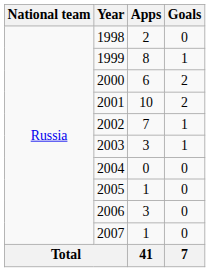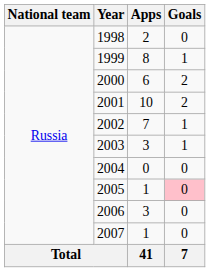 <table class="wikitable" style="text-align:center">
 <tr>
 <th>National team</th>
 <th>Year</th>
 <th>Apps</th>
 <th>Goals</th>
 </tr>
 <tr>
 <td rowspan="10"><a href='#'>Russia</a></td>
 <td>1998</td>
 <td>2</td>
 <td>0</td>
 </tr>
 <tr>
 <td>1999</td>
 <td>8</td>
 <td>1</td>
 </tr>
 <tr>
 <td>2000</td>
 <td>6</td>
 <td>2</td>
 </tr>
 <tr>
 <td>2001</td>
 <td>10</td>
 <td>2</td>
 </tr>
 <tr>
 <td>2002</td>
 <td>7</td>
 <td>1</td>
 </tr>
 <tr>
 <td>2003</td>
 <td>3</td>
 <td>1</td>
 </tr>
 <tr>
 <td>2004</td>
 <td>0</td>
 <td>0</td>
 </tr>
 <tr>
 <td>2005</td>
 <td>1</td>
-<td>0</td>
+<td style="background: pink;">0</td>
 </tr>
 <tr>
 <td>2006</td>
 <td>3</td>
 <td>0</td>
 </tr>
 <tr>
 <td>2007</td>
 <td>1</td>
 <td>0</td>
 </tr>
 <tr>
 <th colspan="2">Total</th>
 <th>41</th>
 <th>7</th>
 </tr>
 </table>
